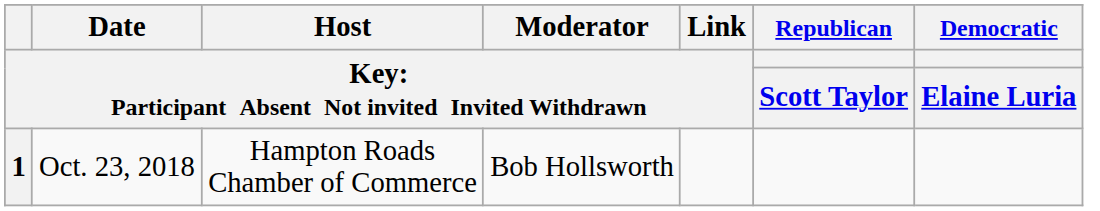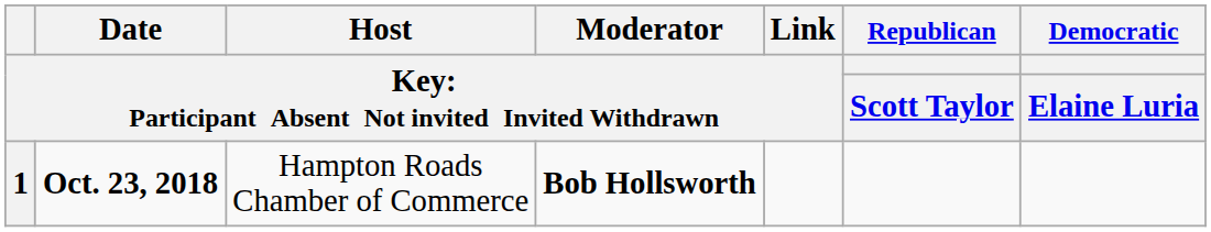 <table class="wikitable" style="text-align:center;">
 <tr>
 <th scope="col"></th>
 <th scope="col">Date</th>
 <th scope="col">Host</th>
 <th scope="col">Moderator</th>
 <th scope="col">Link</th>
 <th scope="col"><small><a href='#'>Republican</a></small></th>
 <th scope="col"><small><a href='#'>Democratic</a></small></th>
 </tr>
 <tr>
 <th colspan="5" rowspan="2">Key:<br> <small>Participant </small>  <small>Absent </small>  <small>Not invited </small>  <small>Invited  Withdrawn</small></th>
 <th scope="col" style="background:"></th>
 <th scope="col" style="background:"></th>
 </tr>
 <tr>
 <th scope="col"><a href='#'>Scott Taylor</a></th>
 <th scope="col"><a href='#'>Elaine Luria</a></th>
 </tr>
 <tr>
 <th>1</th>
-<td style="white-space:nowrap;">Oct. 23, 2018</td>
+<td style="white-space:nowrap;"><strong>Oct. 23, 2018</strong></td>
 <td style="white-space:nowrap;">Hampton Roads<br>Chamber of Commerce</td>
-<td style="white-space:nowrap;">Bob Hollsworth</td>
+<td style="white-space:nowrap;"><strong>Bob Hollsworth</strong></td>
 <td style="white-space:nowrap;"></td>
 <td></td>
 <td></td>
 </tr>
 </table>
